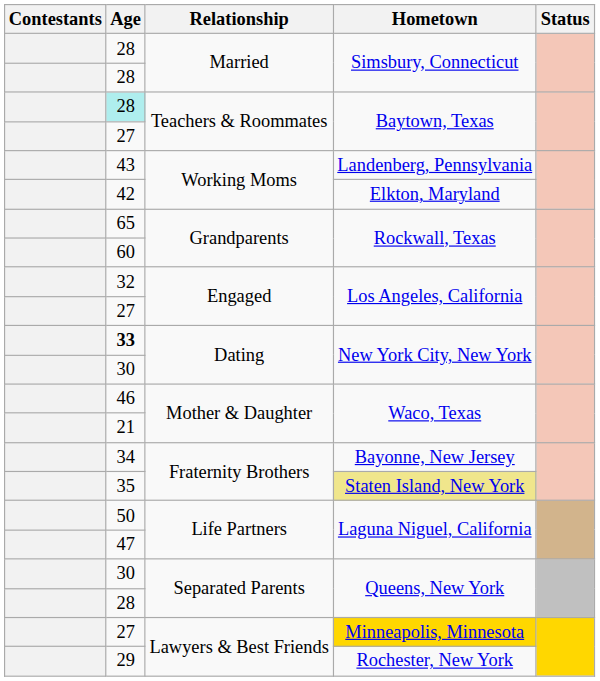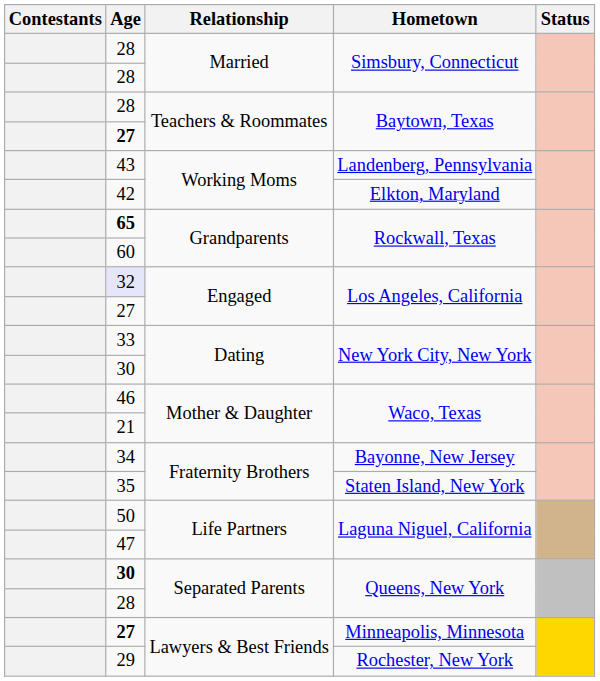 <table class="wikitable sortable" style="text-align:center;">
 <tr>
 <th scope="col">Contestants</th>
 <th scope="col">Age</th>
 <th class="unsortable" scope="col">Relationship</th>
 <th scope="col" class="unsortable">Hometown</th>
 <th scope="col">Status</th>
 </tr>
 <tr>
 <th scope="row"></th>
 <td>28</td>
 <td rowspan="2">Married</td>
 <td rowspan="2"><a href='#'>Simsbury, Connecticut</a></td>
 <td rowspan="2" bgcolor="f4c7b8"></td>
 </tr>
 <tr>
 <th scope="row"></th>
 <td>28</td>
 </tr>
 <tr>
 <th scope="row"></th>
-<td style="background: paleturquoise;">28</td>
+<td>28</td>
 <td rowspan="2">Teachers & Roommates</td>
 <td rowspan="2"><a href='#'>Baytown, Texas</a></td>
 <td rowspan="2" bgcolor="f4c7b8"></td>
 </tr>
 <tr>
 <th scope="row"></th>
-<td>27</td>
+<td><strong>27</strong></td>
 </tr>
 <tr>
 <th scope="row"></th>
 <td>43</td>
 <td rowspan="2">Working Moms</td>
 <td><a href='#'>Landenberg, Pennsylvania</a></td>
 <td rowspan="2" bgcolor="f4c7b8"></td>
 </tr>
 <tr>
 <th scope="row"></th>
 <td>42</td>
 <td><a href='#'>Elkton, Maryland</a></td>
 </tr>
 <tr>
 <th scope="row"></th>
-<td>65</td>
+<td><strong>65</strong></td>
 <td rowspan="2">Grandparents</td>
 <td rowspan="2"><a href='#'>Rockwall, Texas</a></td>
 <td rowspan="2" bgcolor="f4c7b8"></td>
 </tr>
 <tr>
 <th scope="row"></th>
 <td>60</td>
 </tr>
 <tr>
 <th scope="row"></th>
-<td>32</td>
+<td style="background: lavender;">32</td>
 <td rowspan="2">Engaged</td>
 <td rowspan="2"><a href='#'>Los Angeles, California</a></td>
 <td rowspan="2" bgcolor="f4c7b8"></td>
 </tr>
 <tr>
 <th scope="row"></th>
 <td>27</td>
 </tr>
 <tr>
 <th scope="row"></th>
-<td><strong>33</strong></td>
+<td>33</td>
 <td rowspan="2">Dating</td>
 <td rowspan="2"><a href='#'>New York City, New York</a></td>
 <td rowspan="2" bgcolor="f4c7b8"></td>
 </tr>
 <tr>
 <th scope="row"></th>
 <td>30</td>
 </tr>
 <tr>
 <th scope="row"></th>
 <td>46</td>
 <td rowspan="2">Mother & Daughter</td>
 <td rowspan="2"><a href='#'>Waco, Texas</a></td>
 <td rowspan="2" bgcolor="f4c7b8"></td>
 </tr>
 <tr>
 <th scope="row"></th>
 <td>21</td>
 </tr>
 <tr>
 <th scope="row"></th>
 <td>34</td>
 <td rowspan="2">Fraternity Brothers</td>
 <td><a href='#'>Bayonne, New Jersey</a></td>
 <td rowspan="2" bgcolor="f4c7b8"></td>
 </tr>
 <tr>
 <th scope="row"></th>
 <td>35</td>
-<td style="background: khaki;"><a href='#'>Staten Island, New York</a></td>
+<td><a href='#'>Staten Island, New York</a></td>
 </tr>
 <tr>
 <th scope="row"></th>
 <td>50</td>
 <td rowspan="2">Life Partners</td>
 <td rowspan="2"><a href='#'>Laguna Niguel, California</a></td>
 <td rowspan="2" bgcolor="tan"></td>
 </tr>
 <tr>
 <th scope="row"></th>
 <td>47</td>
 </tr>
 <tr>
 <th scope="row"></th>
-<td>30</td>
+<td><strong>30</strong></td>
 <td rowspan="2">Separated Parents</td>
 <td rowspan="2"><a href='#'>Queens, New York</a></td>
 <td rowspan="2" bgcolor="silver"></td>
 </tr>
 <tr>
 <th scope="row"></th>
 <td>28</td>
 </tr>
 <tr>
 <th scope="row"></th>
-<td>27</td>
+<td><strong>27</strong></td>
 <td rowspan="2">Lawyers & Best Friends</td>
-<td style="background: gold;"><a href='#'>Minneapolis, Minnesota</a></td>
+<td><a href='#'>Minneapolis, Minnesota</a></td>
 <td rowspan="2" bgcolor="gold"></td>
 </tr>
 <tr>
 <th scope="row"></th>
 <td>29</td>
 <td><a href='#'>Rochester, New York</a></td>
 </tr>
 </table>
